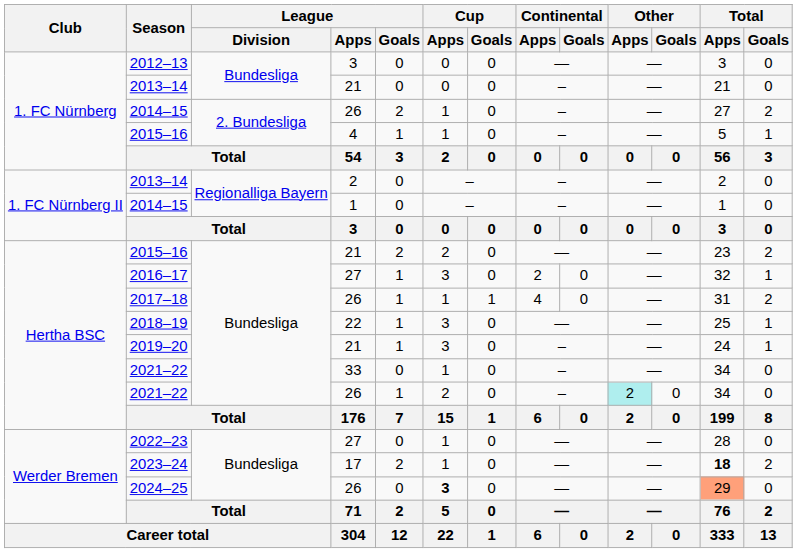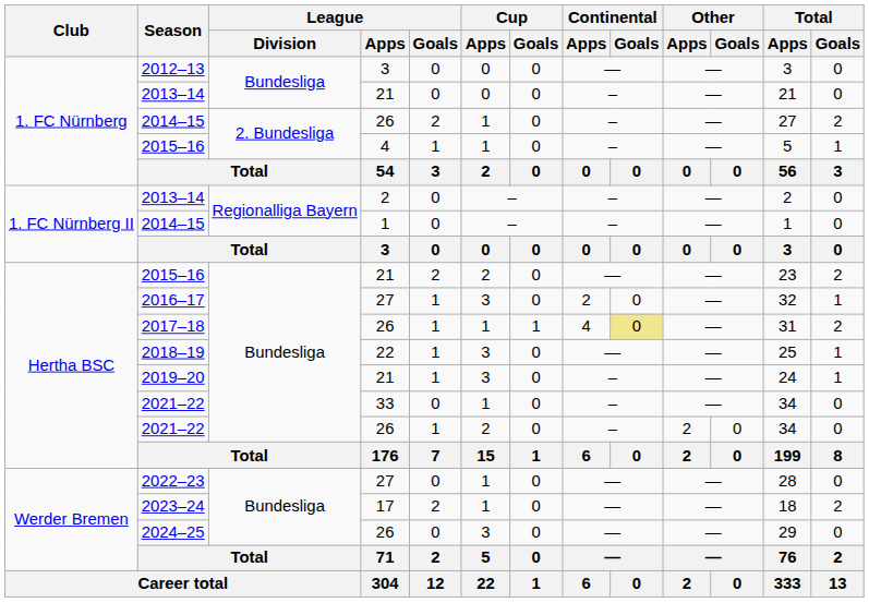 <table class="wikitable" style="text-align:center">
 <tr>
 <th rowspan="2">Club</th>
 <th rowspan="2">Season</th>
 <th colspan="3">League</th>
 <th colspan="2">Cup</th>
 <th colspan="2">Continental</th>
 <th colspan="2">Other</th>
 <th colspan="2">Total</th>
 </tr>
 <tr>
 <th>Division</th>
 <th>Apps</th>
 <th>Goals</th>
 <th>Apps</th>
 <th>Goals</th>
 <th>Apps</th>
 <th>Goals</th>
 <th>Apps</th>
 <th>Goals</th>
 <th>Apps</th>
 <th>Goals</th>
 </tr>
 <tr>
 <td rowspan="5"><a href='#'>1. FC Nürnberg</a></td>
 <td><a href='#'>2012–13</a></td>
 <td rowspan="2"><a href='#'>Bundesliga</a></td>
 <td>3</td>
 <td>0</td>
 <td>0</td>
 <td>0</td>
 <td colspan="2">—</td>
 <td colspan="2">—</td>
 <td>3</td>
 <td>0</td>
 </tr>
 <tr>
 <td><a href='#'>2013–14</a></td>
 <td>21</td>
 <td>0</td>
 <td>0</td>
 <td>0</td>
 <td colspan="2">–</td>
 <td colspan="2">—</td>
 <td>21</td>
 <td>0</td>
 </tr>
 <tr>
 <td><a href='#'>2014–15</a></td>
 <td rowspan="2"><a href='#'>2. Bundesliga</a></td>
 <td>26</td>
 <td>2</td>
 <td>1</td>
 <td>0</td>
 <td colspan="2">–</td>
 <td colspan="2">—</td>
 <td>27</td>
 <td>2</td>
 </tr>
 <tr>
 <td><a href='#'>2015–16</a></td>
 <td>4</td>
 <td>1</td>
 <td>1</td>
 <td>0</td>
 <td colspan="2">–</td>
 <td colspan="2">—</td>
 <td>5</td>
 <td>1</td>
 </tr>
 <tr>
 <th colspan="2">Total</th>
 <th>54</th>
 <th>3</th>
 <th>2</th>
 <th>0</th>
 <th>0</th>
 <th>0</th>
 <th>0</th>
 <th>0</th>
 <th>56</th>
 <th>3</th>
 </tr>
 <tr>
 <td rowspan="3"><a href='#'>1. FC Nürnberg II</a></td>
 <td><a href='#'>2013–14</a></td>
 <td rowspan="2"><a href='#'>Regionalliga Bayern</a></td>
 <td>2</td>
 <td>0</td>
 <td colspan="2">–</td>
 <td colspan="2">–</td>
 <td colspan="2">—</td>
 <td>2</td>
 <td>0</td>
 </tr>
 <tr>
 <td><a href='#'>2014–15</a></td>
 <td>1</td>
 <td>0</td>
 <td colspan="2">–</td>
 <td colspan="2">–</td>
 <td colspan="2">—</td>
 <td>1</td>
 <td>0</td>
 </tr>
 <tr>
 <th colspan="2">Total</th>
 <th>3</th>
 <th>0</th>
 <th>0</th>
 <th>0</th>
 <th>0</th>
 <th>0</th>
 <th>0</th>
 <th>0</th>
 <th>3</th>
 <th>0</th>
 </tr>
 <tr>
 <td rowspan="8"><a href='#'>Hertha BSC</a></td>
 <td><a href='#'>2015–16</a></td>
 <td rowspan="7">Bundesliga</td>
 <td>21</td>
 <td>2</td>
 <td>2</td>
 <td>0</td>
 <td colspan="2">—</td>
 <td colspan="2">—</td>
 <td>23</td>
 <td>2</td>
 </tr>
 <tr>
 <td><a href='#'>2016–17</a></td>
 <td>27</td>
 <td>1</td>
 <td>3</td>
 <td>0</td>
 <td>2</td>
 <td>0</td>
 <td colspan="2">—</td>
 <td>32</td>
 <td>1</td>
 </tr>
 <tr>
 <td><a href='#'>2017–18</a></td>
 <td>26</td>
 <td>1</td>
 <td>1</td>
 <td>1</td>
 <td>4</td>
-<td>0</td>
+<td style="background: khaki;">0</td>
 <td colspan="2">—</td>
 <td>31</td>
 <td>2</td>
 </tr>
 <tr>
 <td><a href='#'>2018–19</a></td>
 <td>22</td>
 <td>1</td>
 <td>3</td>
 <td>0</td>
 <td colspan="2">—</td>
 <td colspan="2">—</td>
 <td>25</td>
 <td>1</td>
 </tr>
 <tr>
 <td><a href='#'>2019–20</a></td>
 <td>21</td>
 <td>1</td>
 <td>3</td>
 <td>0</td>
 <td colspan="2">–</td>
 <td colspan="2">—</td>
 <td>24</td>
 <td>1</td>
 </tr>
 <tr>
 <td><a href='#'>2021–22</a></td>
 <td>33</td>
 <td>0</td>
 <td>1</td>
 <td>0</td>
 <td colspan="2">–</td>
 <td colspan="2">—</td>
 <td>34</td>
 <td>0</td>
 </tr>
 <tr>
 <td><a href='#'>2021–22</a></td>
 <td>26</td>
 <td>1</td>
 <td>2</td>
 <td>0</td>
 <td colspan="2">–</td>
-<td style="background: paleturquoise;">2</td>
+<td>2</td>
 <td>0</td>
 <td>34</td>
 <td>0</td>
 </tr>
 <tr>
 <th colspan="2">Total</th>
 <th>176</th>
 <th>7</th>
 <th>15</th>
 <th>1</th>
 <th>6</th>
 <th>0</th>
 <th>2</th>
 <th>0</th>
 <th>199</th>
 <th>8</th>
 </tr>
 <tr>
 <td rowspan="4"><a href='#'>Werder Bremen</a></td>
 <td><a href='#'>2022–23</a></td>
 <td rowspan="3">Bundesliga</td>
 <td>27</td>
 <td>0</td>
 <td>1</td>
 <td>0</td>
 <td colspan="2">—</td>
 <td colspan="2">—</td>
 <td>28</td>
 <td>0</td>
 </tr>
 <tr>
 <td><a href='#'>2023–24</a></td>
 <td>17</td>
 <td>2</td>
 <td>1</td>
 <td>0</td>
 <td colspan="2">—</td>
 <td colspan="2">—</td>
-<td><strong>18</strong></td>
+<td>18</td>
 <td>2</td>
 </tr>
 <tr>
 <td><a href='#'>2024–25</a></td>
 <td>26</td>
 <td>0</td>
-<td><strong>3</strong></td>
+<td>3</td>
 <td>0</td>
 <td colspan="2">—</td>
 <td colspan="2">—</td>
-<td style="background: lightsalmon;">29</td>
+<td>29</td>
 <td>0</td>
 </tr>
 <tr>
 <th colspan="2">Total</th>
 <th>71</th>
 <th>2</th>
 <th>5</th>
 <th>0</th>
 <th colspan="2">—</th>
 <th colspan="2">—</th>
 <th>76</th>
 <th>2</th>
 </tr>
 <tr>
 <th colspan="3">Career total</th>
 <th>304</th>
 <th>12</th>
 <th>22</th>
 <th>1</th>
 <th>6</th>
 <th>0</th>
 <th>2</th>
 <th>0</th>
 <th>333</th>
 <th>13</th>
 </tr>
 </table>
